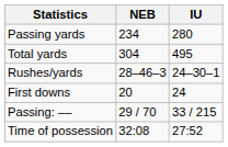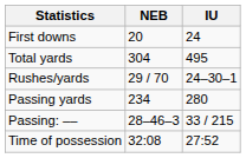 <table class="wikitable" style="float:left">
 <tr>
 <th>Statistics</th>
 <th>NEB</th>
 <th>IU</th>
 </tr>
 <tr>
-<td>Passing yards</td>
-<td>234</td>
-<td>280</td>
+<td>First downs</td>
+<td>20</td>
+<td>24</td>
 </tr>
 <tr>
 <td>Total yards</td>
 <td>304</td>
 <td>495</td>
 </tr>
 <tr>
 <td>Rushes/yards</td>
-<td>28–46–3</td>
+<td>29 / 70</td>
 <td>24–30–1</td>
 </tr>
 <tr>
-<td>First downs</td>
-<td>20</td>
-<td>24</td>
+<td>Passing yards</td>
+<td>234</td>
+<td>280</td>
 </tr>
 <tr>
 <td>Passing: ––</td>
-<td>29 / 70</td>
+<td>28–46–3</td>
 <td>33 / 215</td>
 </tr>
 <tr>
 <td>Time of possession</td>
 <td>32:08</td>
 <td>27:52</td>
 </tr>
 </table>
